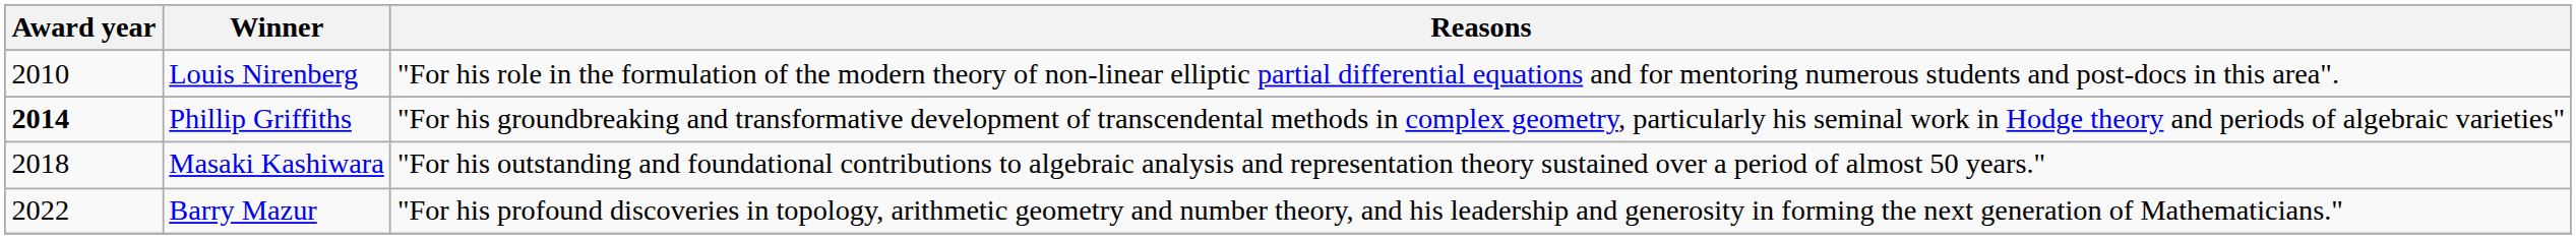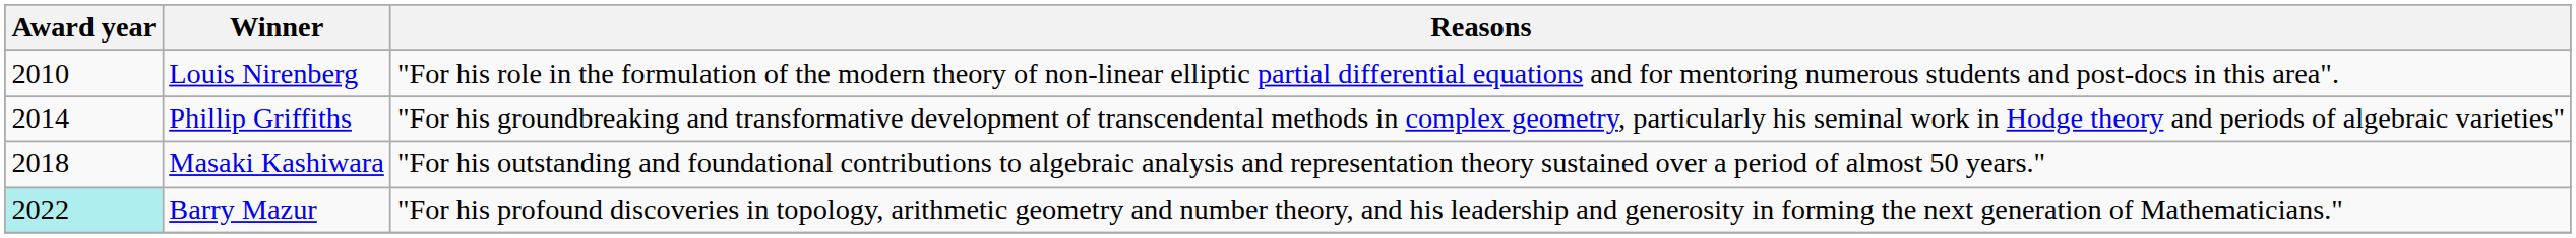 <table class="wikitable">
 <tr>
 <th scope="col">Award year</th>
 <th scope="col">Winner</th>
 <th scope="col">Reasons</th>
 </tr>
 <tr>
 <td>2010</td>
 <td><a href='#'>Louis Nirenberg</a></td>
 <td>"For his role in the formulation of the modern theory of non-linear elliptic <a href='#'>partial differential equations</a> and for mentoring numerous students and post-docs in this area".</td>
 </tr>
 <tr>
-<td><strong>2014</strong></td>
+<td>2014</td>
 <td><a href='#'>Phillip Griffiths</a></td>
 <td>"For his groundbreaking and transformative development of transcendental methods in <a href='#'>complex geometry</a>, particularly his seminal work in <a href='#'>Hodge theory</a> and periods of algebraic varieties"</td>
 </tr>
 <tr>
 <td>2018</td>
 <td><a href='#'>Masaki Kashiwara</a></td>
 <td>"For his outstanding and foundational contributions to algebraic analysis and representation theory sustained over a period of almost 50 years."</td>
 </tr>
 <tr>
-<td>2022</td>
+<td style="background: paleturquoise;">2022</td>
 <td><a href='#'>Barry Mazur</a></td>
 <td>"For his profound discoveries in topology, arithmetic geometry and number theory, and his leadership and generosity in forming the next generation of Mathematicians."</td>
 </tr>
 <tr>
 </tr>
 </table>
